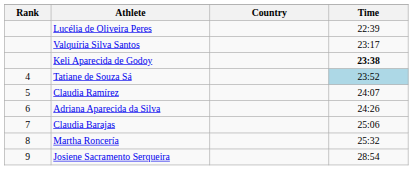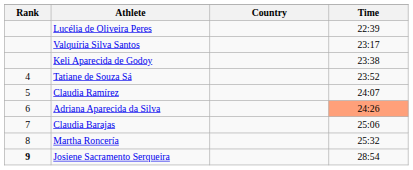 <table class="wikitable sortable" style=" text-align:center; font-size:95%;" width="50%">
 <tr>
 </tr>
 <tr>
 <th width=5%>Rank</th>
 <th width=20%>Athlete</th>
 <th width=15%>Country</th>
 <th width=10%>Time</th>
 </tr>
 <tr>
 <td align=center></td>
 <td align=left><a href='#'>Lucélia de Oliveira Peres</a></td>
 <td align=left></td>
 <td>22:39</td>
 </tr>
 <tr>
 <td align=center></td>
 <td align=left><a href='#'>Valquíria Silva Santos</a></td>
 <td align=left></td>
 <td>23:17</td>
 </tr>
 <tr>
 <td align=center></td>
 <td align=left><a href='#'>Keli Aparecida de Godoy</a></td>
 <td align=left></td>
-<td><strong>23:38</strong></td>
+<td>23:38</td>
 </tr>
 <tr>
 <td align=center>4</td>
 <td align=left><a href='#'>Tatiane de Souza Sá</a></td>
 <td align=left></td>
-<td style="background: lightblue;">23:52</td>
+<td>23:52</td>
 </tr>
 <tr>
 <td align=center>5</td>
 <td align=left><a href='#'>Claudia Ramírez</a></td>
 <td align=left></td>
 <td>24:07</td>
 </tr>
 <tr>
 <td align=center>6</td>
 <td align=left><a href='#'>Adriana Aparecida da Silva</a></td>
 <td align=left></td>
-<td>24:26</td>
+<td style="background: lightsalmon;">24:26</td>
 </tr>
 <tr>
 <td align=center>7</td>
 <td align=left><a href='#'>Claudia Barajas</a></td>
 <td align=left></td>
 <td>25:06</td>
 </tr>
 <tr>
 <td align=center>8</td>
 <td align=left><a href='#'>Martha Roncería</a></td>
 <td align=left></td>
 <td>25:32</td>
 </tr>
 <tr>
-<td align=center>9</td>
+<td align=center><strong>9</strong></td>
 <td align=left><a href='#'>Josiene Sacramento Serqueira</a></td>
 <td align=left></td>
 <td>28:54</td>
 </tr>
 </table>
